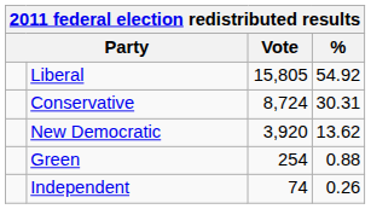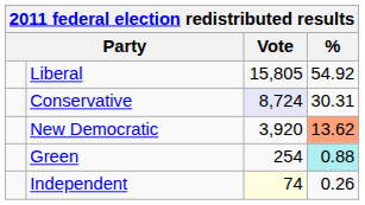 <table class="wikitable">
 <tr>
 <th colspan="4"><a href='#'>2011 federal election</a> redistributed results</th>
 </tr>
 <tr>
 <th bgcolor="#DDDDFF" width="130px" colspan="2">Party</th>
 <th bgcolor="#DDDDFF" width="50px">Vote</th>
 <th bgcolor="#DDDDFF" width="30px">%</th>
 </tr>
 <tr>
 <td> </td>
 <td><a href='#'>Liberal</a></td>
 <td align=right>15,805</td>
 <td align=right>54.92</td>
 </tr>
 <tr>
 <td> </td>
 <td><a href='#'>Conservative</a></td>
-<td align=right>8,724</td>
+<td align=right style="background: lavender;">8,724</td>
 <td align=right>30.31</td>
 </tr>
 <tr>
 <td> </td>
 <td><a href='#'>New Democratic</a></td>
 <td align=right>3,920</td>
-<td align=right>13.62</td>
+<td align=right style="background: lightsalmon;">13.62</td>
 </tr>
 <tr>
 <td> </td>
 <td><a href='#'>Green</a></td>
 <td align=right>254</td>
-<td align=right>0.88</td>
+<td align=right style="background: paleturquoise;">0.88</td>
 </tr>
 <tr>
 <td> </td>
 <td><a href='#'>Independent</a></td>
-<td align=right>74</td>
+<td align=right style="background: lightyellow;">74</td>
 <td align=right>0.26</td>
 </tr>
 </table>
